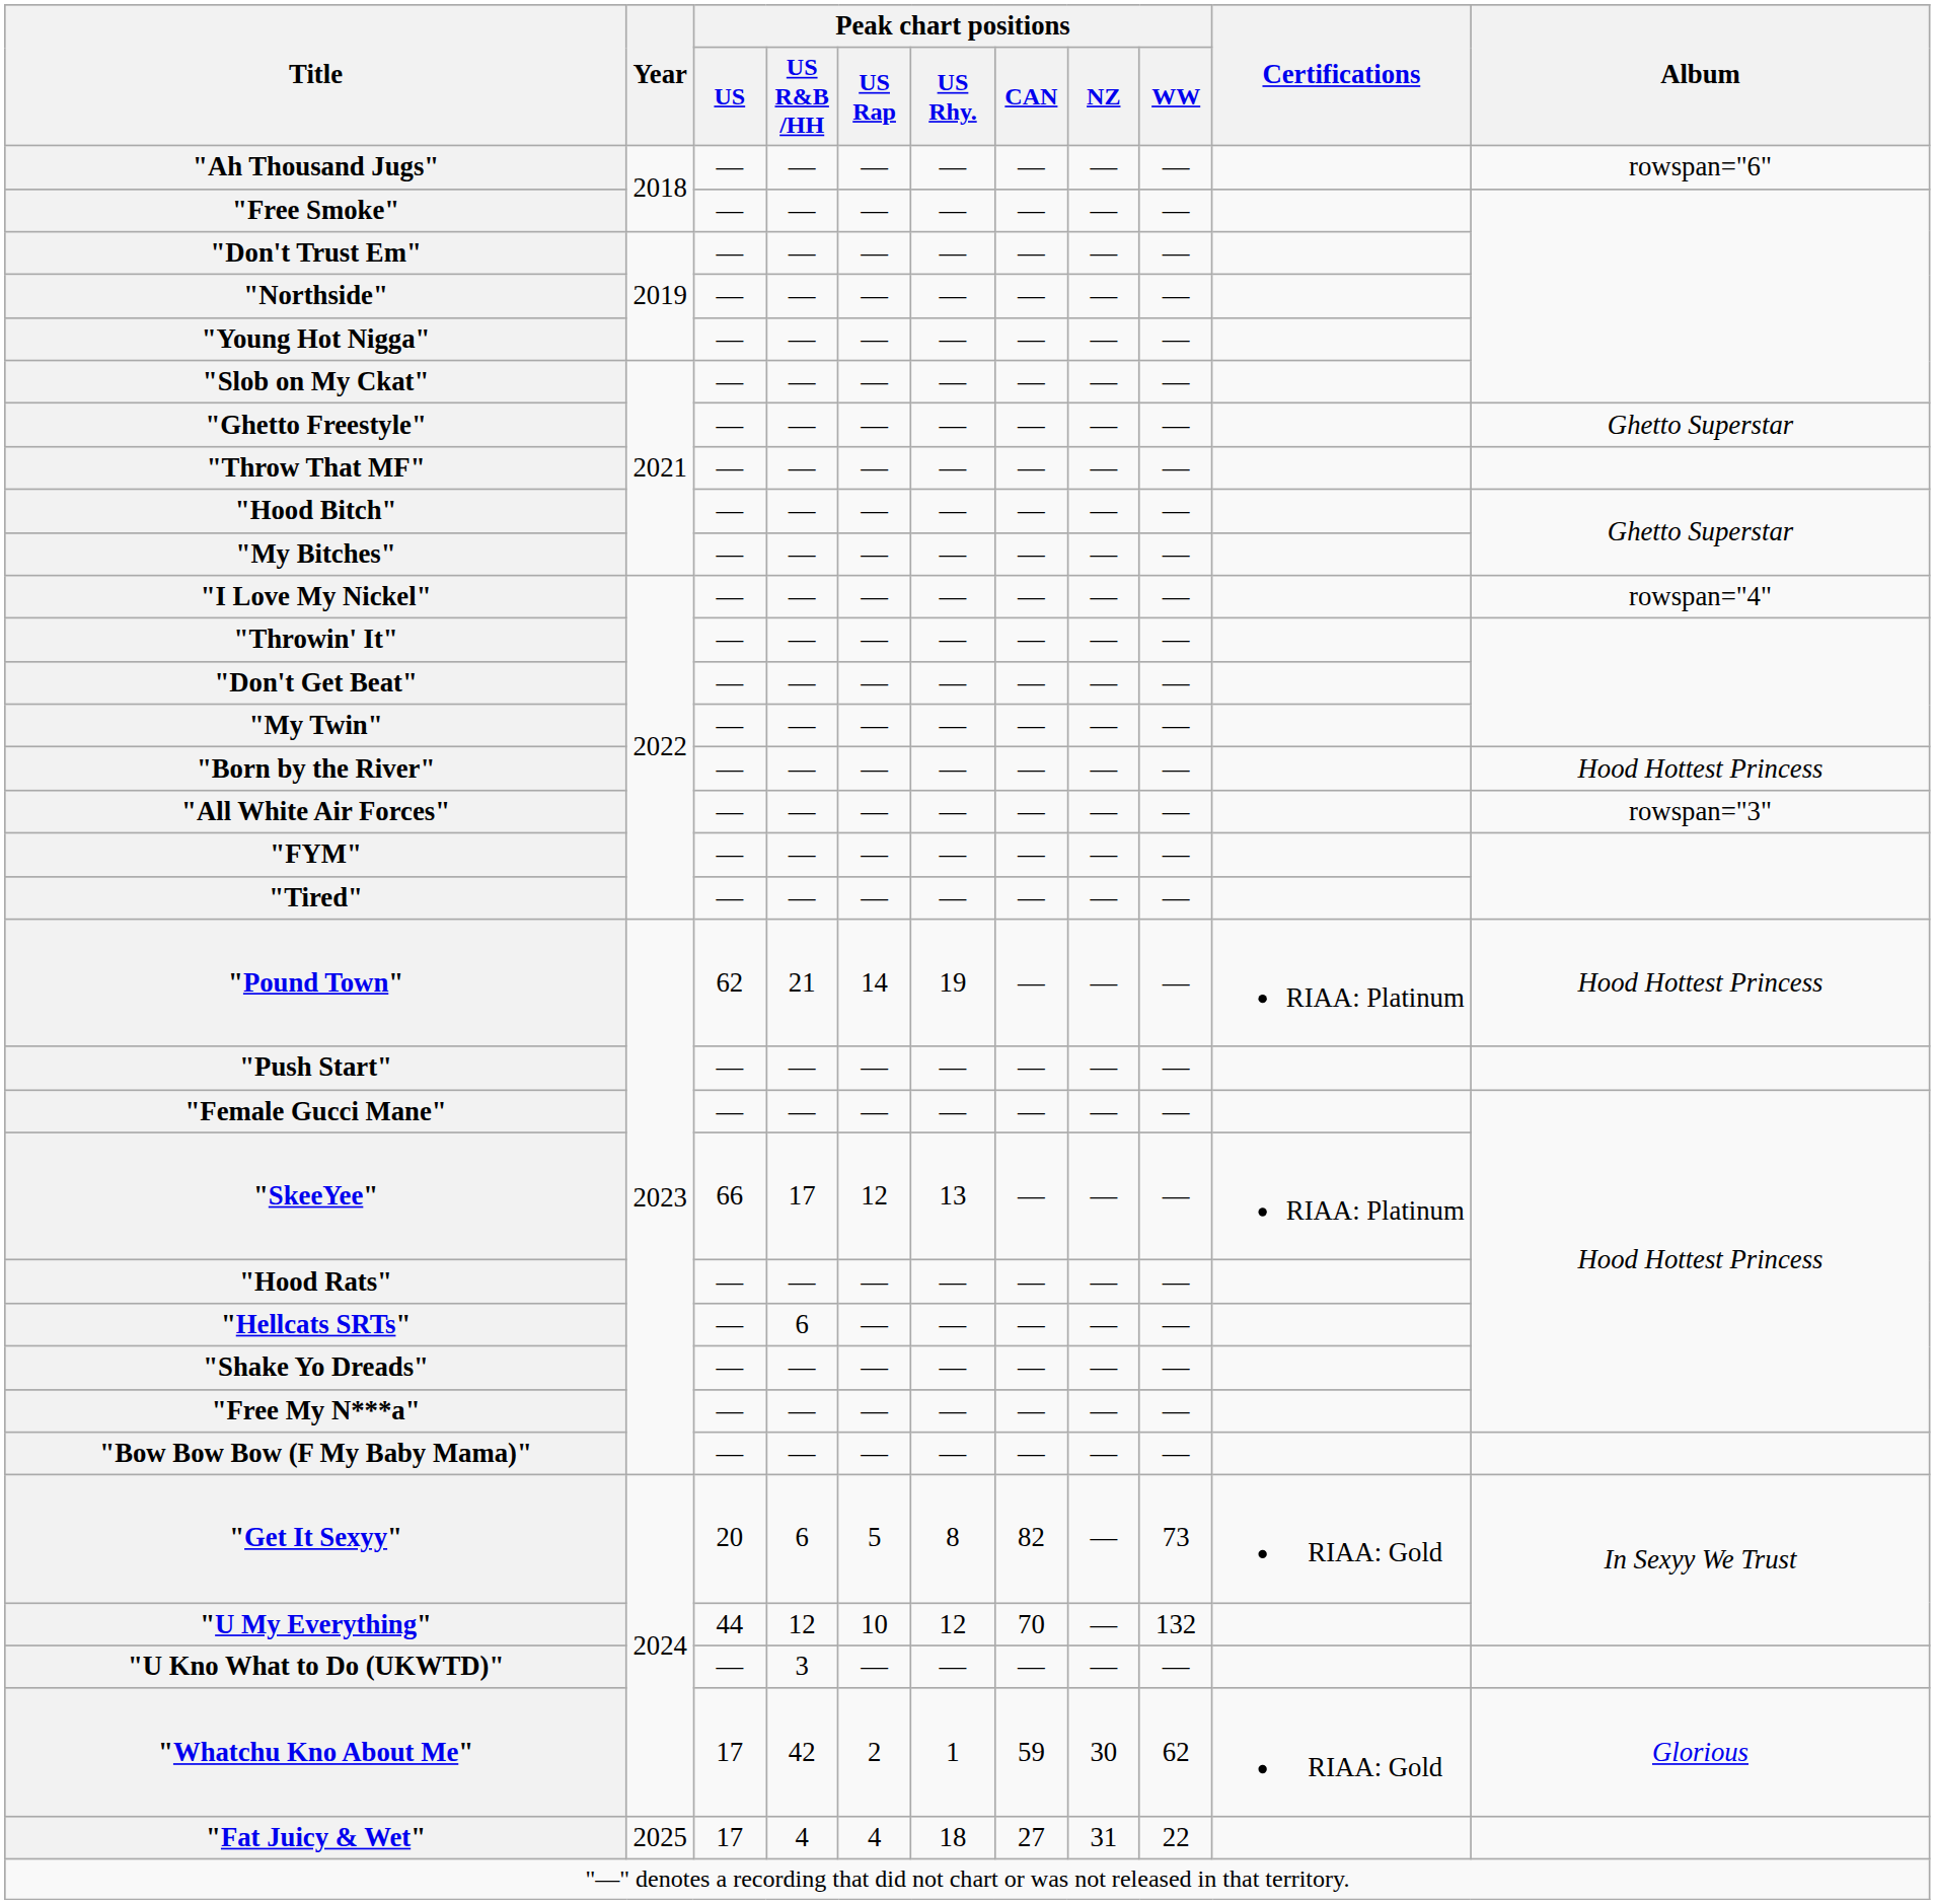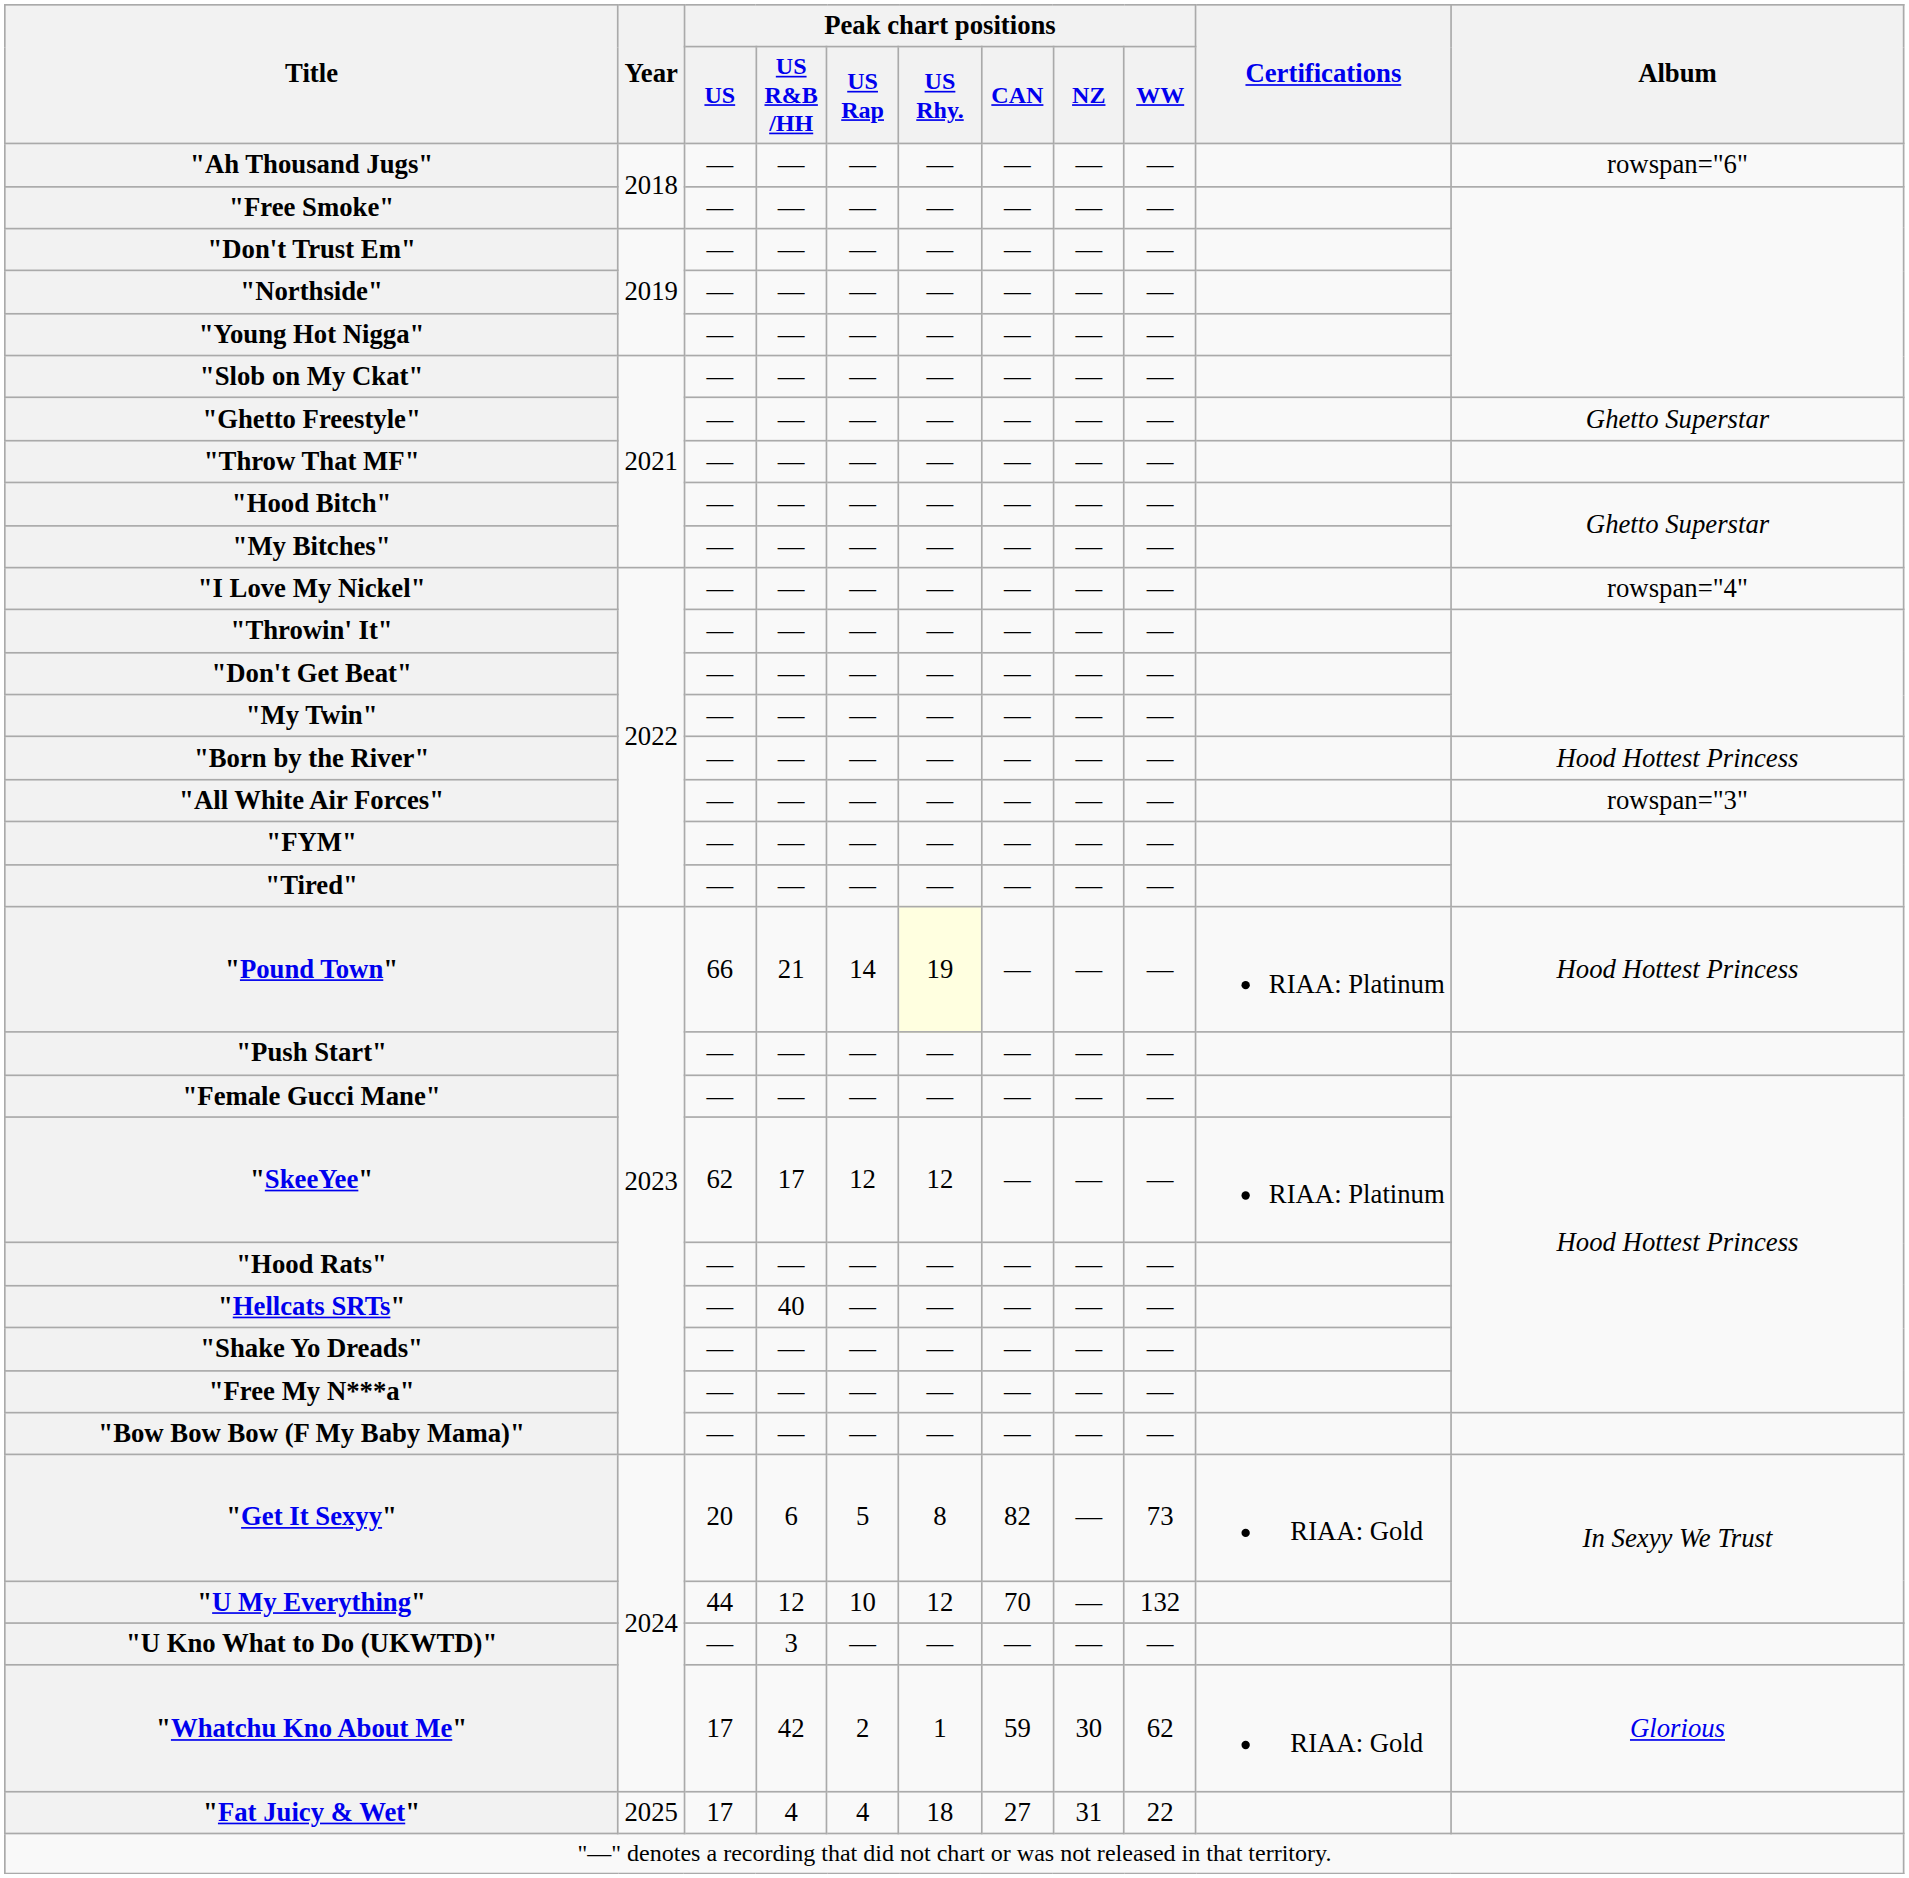 <table class="wikitable plainrowheaders" style="text-align:center;">
 <tr>
 <th scope="col" rowspan="2" style="width:22.5em;">Title</th>
 <th scope="col" rowspan="2" style="width:1em;">Year</th>
 <th scope="col" colspan="7">Peak chart positions</th>
 <th scope="col" rowspan="2"><a href='#'>Certifications</a></th>
 <th scope="col" rowspan="2" style="width:16.5em;">Album</th>
 </tr>
 <tr>
 <th scope="col" style="width:2.5em;font-size:90%;"><a href='#'>US</a><br></th>
 <th scope="col" style="width:2.5em;font-size:90%;"><a href='#'>US<br>R&B<br>/HH</a><br></th>
 <th scope="col" style="width:2.5em;font-size:90%;"><a href='#'>US<br>Rap</a><br></th>
 <th scope="col" style="width:3em;font-size:90%;"><a href='#'>US<br>Rhy.</a><br></th>
 <th scope="col" style="width:2.5em;font-size:90%;"><a href='#'>CAN</a><br></th>
 <th scope="col" style="width:2.5em;font-size:90%;"><a href='#'>NZ</a><br></th>
 <th scope="col" style="width:2.5em;font-size:90%;"><a href='#'>WW</a><br></th>
 </tr>
 <tr>
 <th scope="row">"Ah Thousand Jugs"</th>
 <td rowspan="2">2018</td>
 <td>—</td>
 <td>—</td>
 <td>—</td>
 <td>—</td>
 <td>—</td>
 <td>—</td>
 <td>—</td>
 <td></td>
 <td>rowspan="6" </td>
 </tr>
 <tr>
 <th scope="row">"Free Smoke"</th>
 <td>—</td>
 <td>—</td>
 <td>—</td>
 <td>—</td>
 <td>—</td>
 <td>—</td>
 <td>—</td>
 <td></td>
 </tr>
 <tr>
 <th scope="row">"Don't Trust Em"</th>
 <td rowspan="3">2019</td>
 <td>—</td>
 <td>—</td>
 <td>—</td>
 <td>—</td>
 <td>—</td>
 <td>—</td>
 <td>—</td>
 <td></td>
 </tr>
 <tr>
 <th scope="row">"Northside"</th>
 <td>—</td>
 <td>—</td>
 <td>—</td>
 <td>—</td>
 <td>—</td>
 <td>—</td>
 <td>—</td>
 <td></td>
 </tr>
 <tr>
 <th scope="row">"Young Hot Nigga"</th>
 <td>—</td>
 <td>—</td>
 <td>—</td>
 <td>—</td>
 <td>—</td>
 <td>—</td>
 <td>—</td>
 <td></td>
 </tr>
 <tr>
 <th scope="row">"Slob on My Ckat"</th>
 <td rowspan="5">2021</td>
 <td>—</td>
 <td>—</td>
 <td>—</td>
 <td>—</td>
 <td>—</td>
 <td>—</td>
 <td>—</td>
 <td></td>
 </tr>
 <tr>
 <th scope="row">"Ghetto Freestyle"</th>
 <td>—</td>
 <td>—</td>
 <td>—</td>
 <td>—</td>
 <td>—</td>
 <td>—</td>
 <td>—</td>
 <td></td>
 <td><em>Ghetto Superstar</em></td>
 </tr>
 <tr>
 <th scope="row">"Throw That MF"</th>
 <td>—</td>
 <td>—</td>
 <td>—</td>
 <td>—</td>
 <td>—</td>
 <td>—</td>
 <td>—</td>
 <td></td>
 <td></td>
 </tr>
 <tr>
 <th scope="row">"Hood Bitch"</th>
 <td>—</td>
 <td>—</td>
 <td>—</td>
 <td>—</td>
 <td>—</td>
 <td>—</td>
 <td>—</td>
 <td></td>
 <td rowspan="2"><em>Ghetto Superstar</em></td>
 </tr>
 <tr>
 <th scope="row">"My Bitches"</th>
 <td>—</td>
 <td>—</td>
 <td>—</td>
 <td>—</td>
 <td>—</td>
 <td>—</td>
 <td>—</td>
 <td></td>
 </tr>
 <tr>
 <th scope="row">"I Love My Nickel"</th>
 <td rowspan="8">2022</td>
 <td>—</td>
 <td>—</td>
 <td>—</td>
 <td>—</td>
 <td>—</td>
 <td>—</td>
 <td>—</td>
 <td></td>
 <td>rowspan="4" </td>
 </tr>
 <tr>
 <th scope="row">"Throwin' It"</th>
 <td>—</td>
 <td>—</td>
 <td>—</td>
 <td>—</td>
 <td>—</td>
 <td>—</td>
 <td>—</td>
 <td></td>
 </tr>
 <tr>
 <th scope="row">"Don't Get Beat"</th>
 <td>—</td>
 <td>—</td>
 <td>—</td>
 <td>—</td>
 <td>—</td>
 <td>—</td>
 <td>—</td>
 <td></td>
 </tr>
 <tr>
 <th scope="row">"My Twin"</th>
 <td>—</td>
 <td>—</td>
 <td>—</td>
 <td>—</td>
 <td>—</td>
 <td>—</td>
 <td>—</td>
 <td></td>
 </tr>
 <tr>
 <th scope="row">"Born by the River"<br></th>
 <td>—</td>
 <td>—</td>
 <td>—</td>
 <td>—</td>
 <td>—</td>
 <td>—</td>
 <td>—</td>
 <td></td>
 <td><em>Hood Hottest Princess</em></td>
 </tr>
 <tr>
 <th scope="row">"All White Air Forces"</th>
 <td>—</td>
 <td>—</td>
 <td>—</td>
 <td>—</td>
 <td>—</td>
 <td>—</td>
 <td>—</td>
 <td></td>
 <td>rowspan="3" </td>
 </tr>
 <tr>
 <th scope="row">"FYM"</th>
 <td>—</td>
 <td>—</td>
 <td>—</td>
 <td>—</td>
 <td>—</td>
 <td>—</td>
 <td>—</td>
 <td></td>
 </tr>
 <tr>
 <th scope="row">"Tired"</th>
 <td>—</td>
 <td>—</td>
 <td>—</td>
 <td>—</td>
 <td>—</td>
 <td>—</td>
 <td>—</td>
 <td></td>
 </tr>
 <tr>
 <th scope="row">"<a href='#'>Pound Town</a>"<br></th>
 <td rowspan="9">2023</td>
-<td>62</td>
+<td>66</td>
 <td>21</td>
 <td>14</td>
-<td>19</td>
+<td style="background: lightyellow;">19</td>
 <td>—</td>
 <td>—</td>
 <td>—</td>
 <td><br><ul><li>RIAA: Platinum</li></ul></td>
 <td><em>Hood Hottest Princess</em></td>
 </tr>
 <tr>
 <th scope="row">"Push Start"</th>
 <td>—</td>
 <td>—</td>
 <td>—</td>
 <td>—</td>
 <td>—</td>
 <td>—</td>
 <td>—</td>
 <td></td>
 <td></td>
 </tr>
 <tr>
 <th scope="row">"Female Gucci Mane"</th>
 <td>—</td>
 <td>—</td>
 <td>—</td>
 <td>—</td>
 <td>—</td>
 <td>—</td>
 <td>—</td>
 <td></td>
 <td rowspan="6"><em>Hood Hottest Princess</em></td>
 </tr>
 <tr>
 <th scope="row">"<a href='#'>SkeeYee</a>"</th>
-<td>66</td>
+<td>62</td>
 <td>17</td>
 <td>12</td>
-<td>13</td>
+<td>12</td>
 <td>—</td>
 <td>—</td>
 <td>—</td>
 <td><br><ul><li>RIAA: Platinum</li></ul></td>
 </tr>
 <tr>
 <th scope="row">"Hood Rats"<br></th>
 <td>—</td>
 <td>—</td>
 <td>—</td>
 <td>—</td>
 <td>—</td>
 <td>—</td>
 <td>—</td>
 <td></td>
 </tr>
 <tr>
 <th scope="row">"<a href='#'>Hellcats SRTs</a>"<br></th>
 <td>—</td>
-<td>6</td>
+<td>40</td>
 <td>—</td>
 <td>—</td>
 <td>—</td>
 <td>—</td>
 <td>—</td>
 <td></td>
 </tr>
 <tr>
 <th scope="row">"Shake Yo Dreads"</th>
 <td>—</td>
 <td>—</td>
 <td>—</td>
 <td>—</td>
 <td>—</td>
 <td>—</td>
 <td>—</td>
 <td></td>
 </tr>
 <tr>
 <th scope="row">"Free My N***a"</th>
 <td>—</td>
 <td>—</td>
 <td>—</td>
 <td>—</td>
 <td>—</td>
 <td>—</td>
 <td>—</td>
 <td></td>
 </tr>
 <tr>
 <th scope="row">"Bow Bow Bow (F My Baby Mama)" <br></th>
 <td>—</td>
 <td>—</td>
 <td>—</td>
 <td>—</td>
 <td>—</td>
 <td>—</td>
 <td>—</td>
 <td></td>
 <td></td>
 </tr>
 <tr>
 <th scope="row">"<a href='#'>Get It Sexyy</a>"</th>
 <td rowspan="4">2024</td>
 <td>20</td>
 <td>6</td>
 <td>5</td>
 <td>8</td>
 <td>82</td>
 <td>—</td>
 <td>73</td>
 <td><br><ul><li>RIAA: Gold</li></ul></td>
 <td rowspan="2"><em>In Sexyy We Trust</em></td>
 </tr>
 <tr>
 <th scope="row">"<a href='#'>U My Everything</a>"<br></th>
 <td>44</td>
 <td>12</td>
 <td>10</td>
 <td>12</td>
 <td>70</td>
 <td>—</td>
 <td>132</td>
 <td></td>
 </tr>
 <tr>
 <th scope="row">"U Kno What to Do (UKWTD)"</th>
 <td>—</td>
 <td>3</td>
 <td>—</td>
 <td>—</td>
 <td>—</td>
 <td>—</td>
 <td>—</td>
 <td></td>
 <td></td>
 </tr>
 <tr>
 <th scope="row">"<a href='#'>Whatchu Kno About Me</a>"<br></th>
 <td>17</td>
 <td>42</td>
 <td>2</td>
 <td>1</td>
 <td>59</td>
 <td>30</td>
 <td>62</td>
 <td><br><ul><li>RIAA: Gold</li></ul></td>
 <td><em><a href='#'>Glorious</a></em></td>
 </tr>
 <tr>
 <th scope="row">"<a href='#'>Fat Juicy & Wet</a>"<br></th>
 <td>2025</td>
 <td>17</td>
 <td>4</td>
 <td>4</td>
 <td>18</td>
 <td>27</td>
 <td>31</td>
 <td>22</td>
 <td></td>
 <td></td>
 </tr>
 <tr>
 <td colspan="11" style="font-size:90%">"—" denotes a recording that did not chart or was not released in that territory.</td>
 </tr>
 </table>
